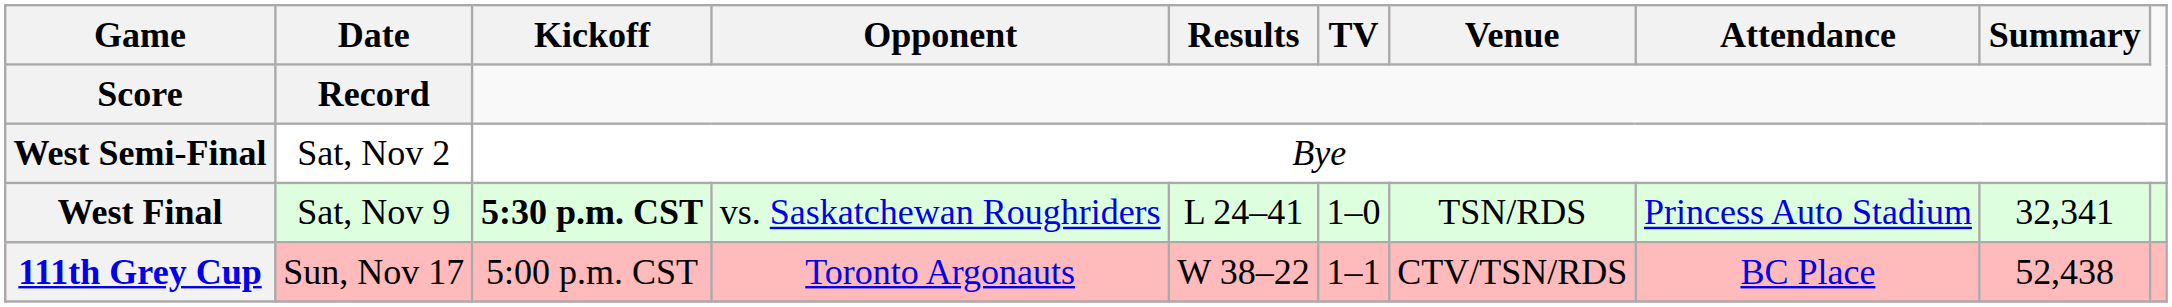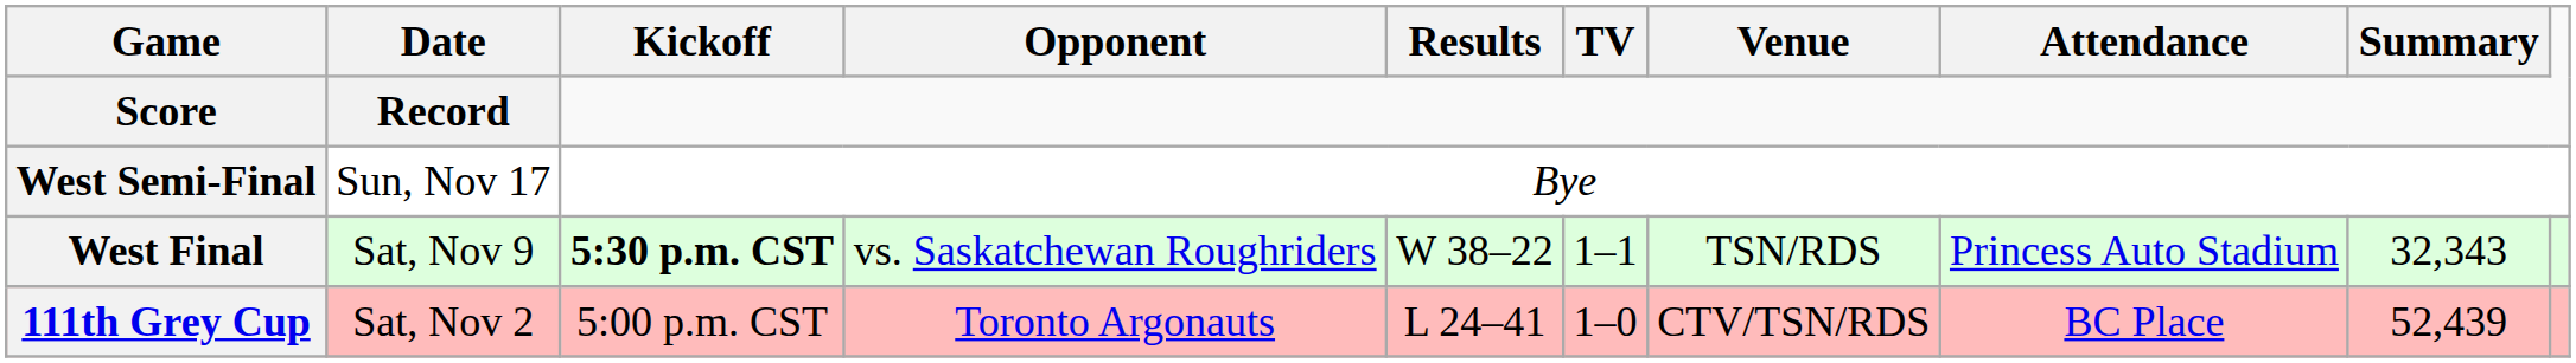 <table class="wikitable" style="font-size: 95%;">
 <tr>
 <th scope="col">Game</th>
 <th scope="col">Date</th>
 <th scope="col">Kickoff</th>
 <th scope="col">Opponent</th>
 <th scope="col">Results</th>
 <th scope="col">TV</th>
 <th scope="col">Venue</th>
 <th scope="col">Attendance</th>
 <th scope="col">Summary</th>
 </tr>
 <tr>
 <th scope="col">Score</th>
 <th scope="col">Record</th>
 </tr>
 <tr bgcolor="#ffffff" align="center">
 <th align="center"><strong>West Semi-Final</strong></th>
-<td align="center">Sat, Nov 2</td>
+<td align="center">Sun, Nov 17</td>
 <td colspan="8" valign="middle" align="center"><em>Bye</em></td>
 </tr>
 <tr align="center" bgcolor="#ddffdd">
 <th align="center"><strong>West Final</strong></th>
 <td align="center">Sat, Nov 9</td>
 <td align="center"><strong>5:30 p.m. CST</strong></td>
 <td align="center">vs. <a href='#'>Saskatchewan Roughriders</a></td>
-<td align="center">L 24–41</td>
-<td align="center">1–0</td>
+<td align="center">W 38–22</td>
+<td align="center">1–1</td>
 <td align="center">TSN/RDS</td>
 <td align="center"><a href='#'>Princess Auto Stadium</a></td>
-<td align="center">32,341</td>
+<td align="center">32,343</td>
 <td align="center"></td>
 </tr>
 <tr align="center" bgcolor="ffbbbb">
 <th align="center"><a href='#'>111th Grey Cup</a></th>
-<td align="center">Sun, Nov 17</td>
+<td align="center">Sat, Nov 2</td>
 <td align="center">5:00 p.m. CST</td>
 <td align="center"><a href='#'>Toronto Argonauts</a></td>
-<td align="center">W 38–22</td>
-<td align="center">1–1</td>
+<td align="center">L 24–41</td>
+<td align="center">1–0</td>
 <td align="center">CTV/TSN/RDS</td>
 <td align="center"><a href='#'>BC Place</a></td>
-<td align="center">52,438</td>
+<td align="center">52,439</td>
 <td align="center"></td>
 </tr>
 </table>
